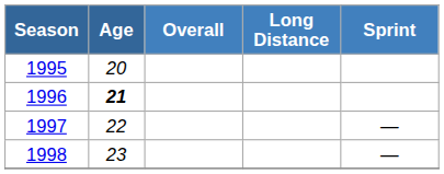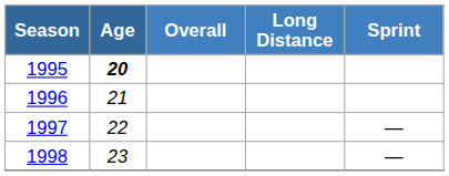 <table class="wikitable" style="font-size:95%; text-align:center; border:grey solid 1px; border-collapse:collapse; background:#ffffff;">
 <tr>
 <th style="background-color:#369; color:white; width:60px;" rowspan="2"> Season </th>
 <th style="background-color:#369; color:white; width:40px;" rowspan="2"> Age </th>
 </tr>
 <tr>
 <th style="background-color:#4180be; color:white; width:75px;">Overall</th>
 <th style="background-color:#4180be; color:white; width:75px;">Long Distance</th>
 <th style="background-color:#4180be; color:white; width:75px;">Sprint</th>
 </tr>
 <tr>
 <td><a href='#'>1995</a></td>
-<td><em>20</em></td>
+<td><strong><em>20</em></strong></td>
 <td></td>
 <td></td>
 <td></td>
 </tr>
 <tr>
 <td><a href='#'>1996</a></td>
-<td><strong><em>21</em></strong></td>
+<td><em>21</em></td>
 <td></td>
 <td></td>
 <td></td>
 </tr>
 <tr>
 <td><a href='#'>1997</a></td>
 <td><em>22</em></td>
 <td></td>
 <td></td>
 <td>—</td>
 </tr>
 <tr>
 <td><a href='#'>1998</a></td>
 <td><em>23</em></td>
 <td></td>
 <td></td>
 <td>—</td>
 </tr>
 <tr>
 </tr>
 </table>
